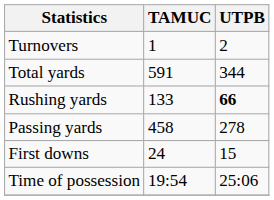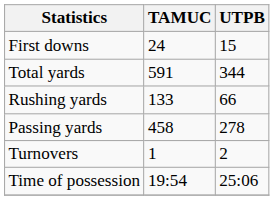 <table class="wikitable" style="float: left;">
 <tr>
 <th>Statistics</th>
 <th>TAMUC</th>
 <th>UTPB</th>
 </tr>
 <tr>
-<td>Turnovers</td>
-<td>1</td>
-<td>2</td>
+<td>First downs</td>
+<td>24</td>
+<td>15</td>
 </tr>
 <tr>
 <td>Total yards</td>
 <td>591</td>
 <td>344</td>
 </tr>
 <tr>
 <td>Rushing yards</td>
 <td>133</td>
-<td><strong>66</strong></td>
+<td>66</td>
 </tr>
 <tr>
 <td>Passing yards</td>
 <td>458</td>
 <td>278</td>
 </tr>
 <tr>
-<td>First downs</td>
-<td>24</td>
-<td>15</td>
+<td>Turnovers</td>
+<td>1</td>
+<td>2</td>
 </tr>
 <tr>
 <td>Time of possession</td>
 <td>19:54</td>
 <td>25:06</td>
 </tr>
 <tr>
 </tr>
 </table>
